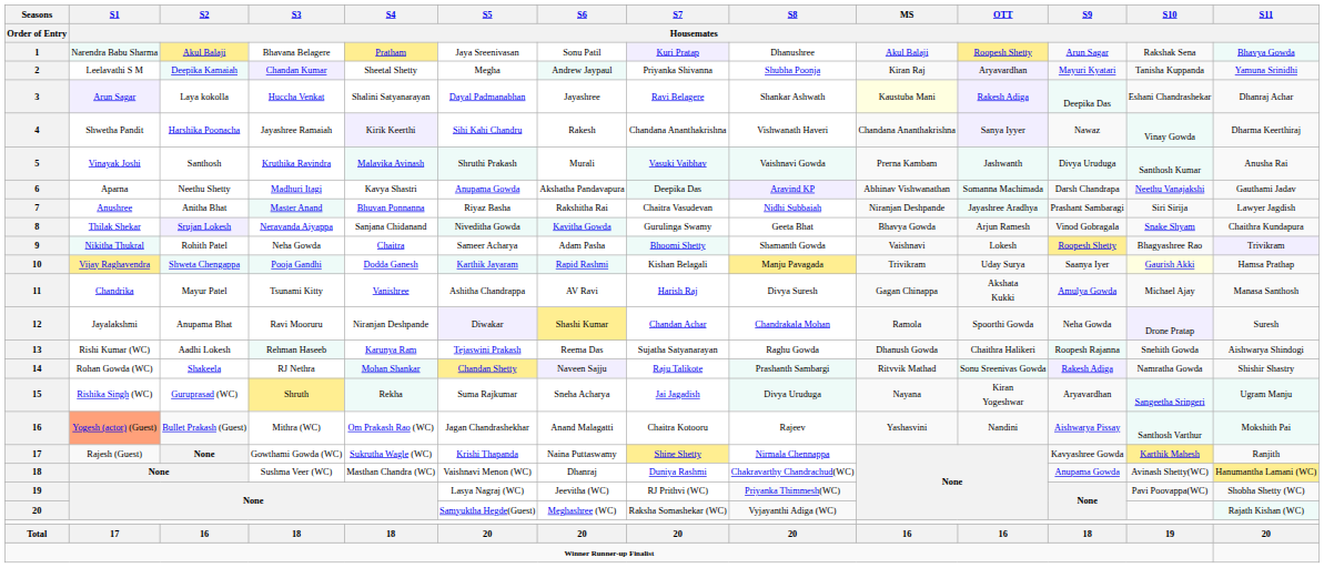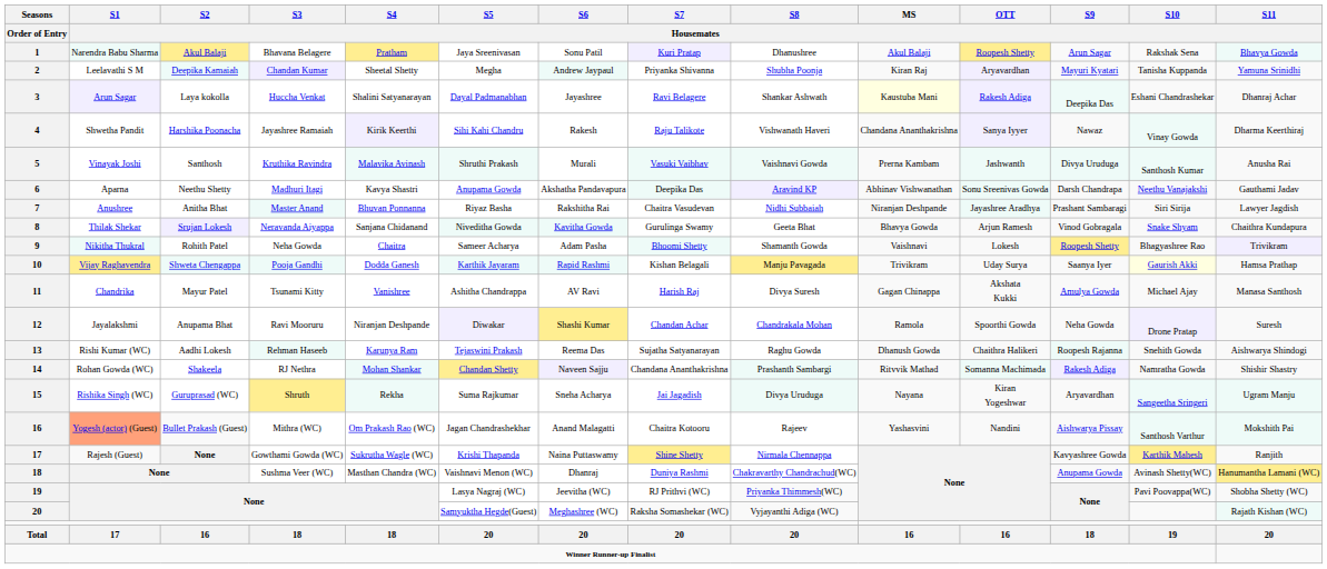 <table class="wikitable sortable" style="text-align:center; font-size: 80%; line-height:20px; width:auto;">
 <tr bgcolor="#CCCCCC" align="center">
 <th>Seasons</th>
 <th><a href='#'>S1</a></th>
 <th><a href='#'>S2</a></th>
 <th><a href='#'>S3</a></th>
 <th><a href='#'>S4</a></th>
 <th><a href='#'>S5</a></th>
 <th><a href='#'>S6</a></th>
 <th><a href='#'>S7</a></th>
 <th><a href='#'>S8</a></th>
 <th>MS</th>
 <th><a href='#'>OTT</a></th>
 <th><a href='#'>S9</a></th>
 <th><a href='#'>S10</a></th>
 <th><a href='#'>S11</a></th>
 </tr>
 <tr>
 <th bgcolor="#CCCCCC">Order of Entry</th>
 <th colspan="13"><strong>Housemates</strong></th>
 </tr>
 <tr>
 <th bgcolor="#CCCCCC">1</th>
 <td style="background: #eefbf8;">Narendra Babu Sharma</td>
 <td style="background: #ffee91;"><a href='#'>Akul Balaji</a></td>
 <td style="background: #fff;">Bhavana Belagere</td>
 <td style="background: #ffee91;"><a href='#'>Pratham</a></td>
 <td style="background: #fff;">Jaya Sreenivasan</td>
 <td style="background: #fff;">Sonu Patil</td>
 <td style="background: #f2eeff;"><a href='#'>Kuri Pratap</a></td>
 <td style="background: #fff;">Dhanushree</td>
 <td><a href='#'>Akul Balaji</a></td>
 <td bgcolor=#ffee91><a href='#'>Roopesh Shetty</a></td>
 <td><a href='#'>Arun Sagar</a></td>
 <td>Rakshak Sena</td>
 <td style="background: #eefbf8;"><a href='#'>Bhavya Gowda</a></td>
 </tr>
 <tr>
 <th bgcolor="#CCCCCC">2</th>
 <td style="background: #fff;">Leelavathi S M</td>
 <td style="background: #eefbf8;"><a href='#'>Deepika Kamaiah</a></td>
 <td style="background: #f2eeff;"><a href='#'>Chandan Kumar</a></td>
 <td style="background: #fff;">Sheetal Shetty</td>
 <td style="background: #fff;">Megha</td>
 <td style="background: #eefbf8;">Andrew Jaypaul</td>
 <td style="background: #fff;">Priyanka Shivanna</td>
 <td style="background: #fff;"><a href='#'>Shubha Poonja</a></td>
 <td>Kiran Raj</td>
 <td style="background: #f2eeff;">Aryavardhan</td>
 <td><a href='#'>Mayuri Kyatari</a></td>
 <td>Tanisha Kuppanda</td>
 <td><a href='#'>Yamuna Srinidhi</a></td>
 </tr>
 <tr>
 <th bgcolor="#CCCCCC">3</th>
 <td style="background: #f2eeff;"><a href='#'>Arun Sagar</a></td>
 <td style="background: #fff;">Laya kokolla</td>
 <td style="background: #fff;"><a href='#'>Huccha Venkat</a></td>
 <td style="background: #fff;">Shalini Satyanarayan</td>
 <td style="background: #fff;"><a href='#'>Dayal Padmanabhan</a></td>
 <td style="background: #fff;">Jayashree</td>
 <td style="background: #fff;"><a href='#'>Ravi Belagere</a></td>
 <td style="background: #fff;">Shankar Ashwath</td>
 <td style="background: lightyellow;">Kaustuba Mani</td>
 <td style="background:#f2eeff"><a href='#'>Rakesh Adiga</a></td>
 <td style="background: #eefbf8;"><br>Deepika Das</td>
 <td>Eshani Chandrashekar</td>
 <td>Dhanraj Achar</td>
 </tr>
 <tr>
 <th bgcolor="#CCCCCC">4</th>
 <td style="background: #fff;">Shwetha Pandit</td>
 <td style="background: #fff;"><a href='#'>Harshika Poonacha</a></td>
 <td style="background: #fff;">Jayashree Ramaiah</td>
 <td style="background: #f2eeff;">Kirik Keerthi</td>
 <td style="background: #fff;"><a href='#'>Sihi Kahi Chandru</a></td>
 <td style="background: #fff;">Rakesh</td>
-<td style="background: #fff;">Chandana Ananthakrishna</td>
+<td style="background: #fff;"><a href='#'>Raju Talikote</a></td>
 <td style="background: #fff;">Vishwanath Haveri</td>
 <td>Chandana Ananthakrishna</td>
 <td style="background: #f2eeff;">Sanya Iyyer</td>
 <td>Nawaz</td>
 <td style="background: #eefbf8;"><br>Vinay Gowda</td>
 <td>Dharma Keerthiraj</td>
 </tr>
 <tr>
 <th bgcolor="#CCCCCC">5</th>
 <td style="background: #fff;"><a href='#'>Vinayak Joshi</a></td>
 <td style="background: #fff;">Santhosh</td>
 <td style="background: #fff;"><a href='#'>Kruthika Ravindra</a></td>
 <td style="background: #eefbf8;"><a href='#'>Malavika Avinash</a></td>
 <td style="background: #eefbf8;">Shruthi Prakash</td>
 <td style="background: #fff;">Murali</td>
 <td style="background: #eefbf8;"><a href='#'>Vasuki Vaibhav</a></td>
 <td style="background: #eefbf8;">Vaishnavi Gowda</td>
 <td>Prerna Kambam</td>
 <td style="background: #eefbf8;">Jashwanth</td>
 <td style="background: #eefbf8;">Divya Uruduga</td>
 <td style="background: #eefbf8;"><br>Santhosh Kumar</td>
 <td>Anusha Rai</td>
 </tr>
 <tr>
 <th bgcolor="#CCCCCC">6</th>
 <td style="background: #fff;">Aparna</td>
 <td style="background: #fff;">Neethu Shetty</td>
 <td style="background: #fff;"><a href='#'>Madhuri Itagi</a></td>
 <td style="background: #fff;">Kavya Shastri</td>
 <td style="background: #fff;"><a href='#'>Anupama Gowda</a></td>
 <td style="background: #fff;">Akshatha Pandavapura</td>
 <td style="background: #eefbf8;">Deepika Das</td>
 <td style="background: #f2eeff;"><a href='#'>Aravind KP</a></td>
 <td>Abhinav Vishwanathan</td>
-<td style="background: #eefbf8;">Somanna Machimada</td>
+<td style="background: #eefbf8;">Sonu Sreenivas Gowda</td>
 <td>Darsh Chandrapa</td>
 <td><a href='#'>Neethu Vanajakshi</a></td>
 <td>Gauthami Jadav</td>
 </tr>
 <tr>
 <th bgcolor="#CCCCCC">7</th>
 <td style="background: #fff;"><a href='#'>Anushree</a></td>
 <td style="background: #fff;">Anitha Bhat</td>
 <td style="background: #eefbf8;"><a href='#'>Master Anand</a></td>
 <td style="background: #fff;"><a href='#'>Bhuvan Ponnanna</a></td>
 <td style="background: #fff;">Riyaz Basha</td>
 <td style="background: #fff;">Rakshitha Rai</td>
 <td style="background: #fff;">Chaitra Vasudevan</td>
 <td style="background: #fff;"><a href='#'>Nidhi Subbaiah</a></td>
 <td>Niranjan Deshpande</td>
 <td style="background: #eefbf8;">Jayashree Aradhya</td>
 <td>Prashant Sambaragi</td>
 <td>Siri Sirija</td>
 <td>Lawyer Jagdish</td>
 </tr>
 <tr>
 <th bgcolor="#CCCCCC">8</th>
 <td style="background: #fff;"><a href='#'>Thilak Shekar</a></td>
 <td style="background: #f2eeff;"><a href='#'>Srujan Lokesh</a></td>
 <td style="background: #fff;"><a href='#'>Neravanda Aiyappa</a></td>
 <td style="background: #fff;">Sanjana Chidanand</td>
 <td style="background: #eefbf8;">Niveditha Gowda</td>
 <td style="background: #eefbf8;"><a href='#'>Kavitha Gowda</a></td>
 <td style="background: #fff;">Gurulinga Swamy</td>
 <td style="background: #fff;">Geeta Bhat</td>
 <td>Bhavya Gowda</td>
 <td>Arjun Ramesh</td>
 <td>Vinod Gobragala</td>
 <td><a href='#'>Snake Shyam</a></td>
 <td>Chaithra Kundapura</td>
 </tr>
 <tr>
 <th bgcolor="#CCCCCC">9</th>
 <td style="background: #eefbf8;"><a href='#'>Nikitha Thukral</a></td>
 <td style="background: #fff;">Rohith Patel</td>
 <td style="background: #fff;">Neha Gowda</td>
 <td style="background: #fff;"><a href='#'>Chaitra</a></td>
 <td style="background: #fff;">Sameer Acharya</td>
 <td style="background: #fff;">Adam Pasha</td>
 <td style="background: #eefbf8;"><a href='#'>Bhoomi Shetty</a></td>
 <td style="background: #fff;">Shamanth Gowda</td>
 <td>Vaishnavi</td>
 <td>Lokesh</td>
 <td style="background: #ffee91;"><a href='#'>Roopesh Shetty</a></td>
 <td>Bhagyashree Rao</td>
 <td style="background: #f2eeff;">Trivikram</td>
 </tr>
 <tr>
 <th bgcolor="#CCCCCC">10</th>
 <td style="background: #ffee91;"><a href='#'>Vijay Raghavendra</a></td>
 <td style="background: #eefbf8;"><a href='#'>Shweta Chengappa</a></td>
 <td style="background: #eefbf8;"><a href='#'>Pooja Gandhi</a></td>
 <td style="background: #fff;"><a href='#'>Dodda Ganesh</a></td>
 <td style="background: #eefbf8;"><a href='#'>Karthik Jayaram</a></td>
 <td style="background: #eefbf8;"><a href='#'>Rapid Rashmi</a></td>
 <td style="background: #fff;">Kishan Belagali</td>
 <td style="background: #ffee91;">Manju Pavagada</td>
 <td>Trivikram</td>
 <td>Uday Surya</td>
 <td>Saanya Iyer</td>
 <td style="background: lightyellow;"><a href='#'>Gaurish Akki</a></td>
 <td>Hamsa Prathap</td>
 </tr>
 <tr>
 <th bgcolor="#CCCCCC">11</th>
 <td style="background: #fff;"><a href='#'>Chandrika</a></td>
 <td style="background: #fff;">Mayur Patel</td>
 <td style="background: #fff;">Tsunami Kitty</td>
 <td style="background: #fff;"><a href='#'>Vanishree</a></td>
 <td style="background: #fff;">Ashitha Chandrappa</td>
 <td style="background: #fff;">AV Ravi</td>
 <td style="background: #fff;"><a href='#'>Harish Raj</a></td>
 <td style="background: #fff;">Divya Suresh</td>
 <td>Gagan Chinappa</td>
 <td>Akshata<br>Kukki</td>
 <td><a href='#'>Amulya Gowda</a></td>
 <td>Michael Ajay</td>
 <td>Manasa Santhosh</td>
 </tr>
 <tr>
 <th bgcolor="#CCCCCC">12</th>
 <td style="background: #fff;">Jayalakshmi</td>
 <td style="background: #fff;">Anupama Bhat</td>
 <td style="background: #fff;">Ravi Mooruru</td>
 <td style="background: #fff;">Niranjan Deshpande</td>
 <td style="background: #f2eeff;">Diwakar</td>
 <td style="background: #ffee91;">Shashi Kumar</td>
 <td style="background: #fff;"><a href='#'>Chandan Achar</a></td>
 <td style="background: #fff;"><a href='#'>Chandrakala Mohan</a></td>
 <td>Ramola</td>
 <td>Spoorthi Gowda</td>
 <td>Neha Gowda</td>
 <td style="background: #f2eeff;"><br>Drone Pratap</td>
 <td>Suresh</td>
 </tr>
 <tr>
 <th bgcolor="#CCCCCC">13</th>
 <td style="background: #fff;">Rishi Kumar (WC)</td>
 <td style="background: #fff;">Aadhi Lokesh</td>
 <td style="background: #eefbf8;">Rehman Haseeb</td>
 <td style="background: #fff;"><a href='#'>Karunya Ram</a></td>
 <td style="background: #fff;"><a href='#'>Tejaswini Prakash</a></td>
 <td style="background: #fff;">Reema Das</td>
 <td style="background: #fff;">Sujatha Satyanarayan</td>
 <td style="background: #fff;">Raghu Gowda</td>
 <td>Dhanush Gowda</td>
 <td>Chaithra Halikeri</td>
 <td style="background: #eefbf8;">Roopesh Rajanna</td>
 <td>Snehith Gowda</td>
 <td>Aishwarya Shindogi</td>
 </tr>
 <tr>
 <th bgcolor="#CCCCCC">14</th>
 <td style="background: #fff;">Rohan Gowda (WC)</td>
 <td style="background: #fff;"><a href='#'>Shakeela</a></td>
 <td style="background: #fff;">RJ Nethra</td>
 <td style="background: #eefbf8;"><a href='#'>Mohan Shankar</a></td>
 <td style="background: #ffee91;"><a href='#'>Chandan Shetty</a></td>
 <td style="background: #f2eeff;">Naveen Sajju</td>
-<td style="background: #fff;"><a href='#'>Raju Talikote</a></td>
+<td style="background: #fff;">Chandana Ananthakrishna</td>
 <td style="background: #eefbf8;">Prashanth Sambargi</td>
 <td>Ritvvik Mathad</td>
-<td style="background: #eefbf8;">Sonu Sreenivas Gowda</td>
+<td style="background: #eefbf8;">Somanna Machimada</td>
 <td style="background: #f2eeff;"><a href='#'>Rakesh Adiga</a></td>
 <td>Namratha Gowda</td>
 <td>Shishir Shastry</td>
 </tr>
 <tr>
 <th bgcolor="#CCCCCC">15</th>
 <td style="background: #fff;"><a href='#'>Rishika Singh</a> (WC)</td>
 <td style="background: #fff;"><a href='#'>Guruprasad</a> (WC)</td>
 <td style="background: #ffee91;">Shruth</td>
 <td style="background: #eefbf8;">Rekha</td>
 <td style="background: #fff;">Suma Rajkumar</td>
 <td style="background: #fff;">Sneha Acharya</td>
 <td style="background: #fff;"><a href='#'>Jai Jagadish</a></td>
 <td style="background: #eefbf8;">Divya Uruduga</td>
 <td>Nayana</td>
 <td>Kiran<br>Yogeshwar</td>
 <td>Aryavardhan</td>
 <td style="background: #eefbf8;"><br><a href='#'>Sangeetha Sringeri</a></td>
 <td style="background: #eefbf8;">Ugram Manju</td>
 </tr>
 <tr>
 <th bgcolor="#CCCCCC">16</th>
 <td style="background: lightsalmon;"><a href='#'>Yogesh (actor)</a> (Guest)</td>
 <td><a href='#'>Bullet Prakash</a> (Guest)</td>
 <td style="background: #fff;">Mithra (WC)</td>
 <td style="background: #fff;"><a href='#'>Om Prakash Rao</a> (WC)</td>
 <td style="background: #fff;">Jagan Chandrashekhar</td>
 <td style="background: #fff;">Anand Malagatti</td>
 <td style="background: #fff;">Chaitra Kotooru</td>
 <td style="background: #fff;">Rajeev</td>
 <td>Yashasvini</td>
 <td>Nandini</td>
 <td><a href='#'>Aishwarya Pissay</a></td>
 <td style="background: #eefbf8;"><br>Santhosh Varthur</td>
 <td style="background: #eefbf8;">Mokshith Pai</td>
 </tr>
 <tr>
 <th bgcolor="#CCCCCC">17</th>
 <td>Rajesh (Guest)</td>
 <th>None</th>
 <td style="background: #fff;">Gowthami Gowda (WC)</td>
 <td style="background: #fff;"><a href='#'>Sukrutha Wagle</a> (WC)</td>
 <td style="background: #fff;"><a href='#'>Krishi Thapanda</a></td>
 <td style="background: #fff;">Naina Puttaswamy</td>
 <td style="background: #ffee91;"><a href='#'>Shine Shetty</a></td>
 <td style="background: #fff;"><a href='#'>Nirmala Chennappa</a></td>
 <th colspan="2" rowspan="4">None</th>
 <td>Kavyashree Gowda</td>
 <td style="background: #ffee91;"><a href='#'>Karthik Mahesh</a></td>
 <td>Ranjith</td>
 </tr>
 <tr>
 <th bgcolor="#CCCCCC">18</th>
 <th colspan="2">None</th>
 <td style="background: #fff;">Sushma Veer (WC)</td>
 <td style="background: #fff;">Masthan Chandra (WC)</td>
 <td style="background: #fff;">Vaishnavi Menon (WC)</td>
 <td style="background: #fff;">Dhanraj</td>
 <td style="background: #fff;"><a href='#'>Duniya Rashmi</a></td>
 <td style="background: #fff;"><a href='#'>Chakravarthy Chandrachud</a>(WC)</td>
 <td><a href='#'>Anupama Gowda</a></td>
 <td>Avinash Shetty(WC)</td>
 <td style="background: #ffee91;">Hanumantha Lamani (WC)</td>
 </tr>
 <tr>
 <th bgcolor="#CCCCCC">19</th>
 <th colspan="4" rowspan="2">None</th>
 <td style="background: #fff;">Lasya Nagraj (WC)</td>
 <td style="background: #fff;">Jeevitha (WC)</td>
 <td style="background: #fff;">RJ Prithvi (WC)</td>
 <td><a href='#'>Priyanka Thimmesh</a>(WC)</td>
 <th rowspan="2">None</th>
 <td>Pavi Poovappa(WC)</td>
 <td>Shobha Shetty (WC)</td>
 </tr>
 <tr>
 <th bgcolor="#CCCCCC">20</th>
 <td style="background: #fff;"><a href='#'>Samyuktha Hegde</a>(Guest)</td>
 <td style="background: #fff;"><a href='#'>Meghashree</a> (WC)</td>
 <td>Raksha Somashekar (WC)</td>
 <td>Vyjayanthi Adiga (WC)</td>
 <td></td>
 <td style="background: #eefbf8;">Rajath Kishan (WC)</td>
 </tr>
 <tr>
 <td colspan="9"></td>
 </tr>
 <tr bgcolor="#CCCCCC">
 <th>Total</th>
 <th>17</th>
 <th>16</th>
 <th>18</th>
 <th>18</th>
 <th>20</th>
 <th>20</th>
 <th>20</th>
 <th>20</th>
 <th>16</th>
 <th>16</th>
 <th>18</th>
 <th>19</th>
 <th>20</th>
 </tr>
 <tr>
 <td colspan="13"><small><strong>  Winner</strong> <strong>  Runner-up</strong>  <strong> Finalist</strong></small></td>
 <td></td>
 </tr>
 </table>
